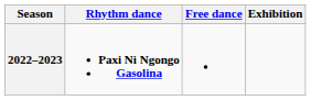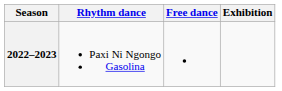 <table class=wikitable style=text-align:center>
 <tr>
 <th>Season</th>
 <th><a href='#'>Rhythm dance</a></th>
 <th><a href='#'>Free dance</a></th>
 <th>Exhibition</th>
 </tr>
 <tr>
 <th>2022–2023</th>
-<td><strong><br><ul><li>Paxi Ni Ngongo <br> </li><li><a href='#'>Gasolina</a> <br> </li></ul></strong></td>
+<td><br><ul><li>Paxi Ni Ngongo <br> </li><li><a href='#'>Gasolina</a> <br> </li></ul></td>
 <td><br><ul><li></li></ul></td>
 </tr>
 </table>
